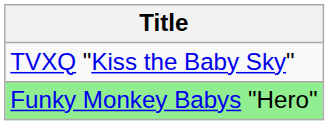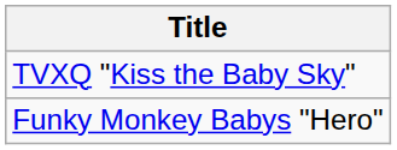 <table class="wikitable">
 <tr>
 <th>Title</th>
 </tr>
 <tr>
 <td><a href='#'>TVXQ</a> "<a href='#'>Kiss the Baby Sky</a>"</td>
 </tr>
 <tr>
-<td style="background: lightgreen;"><a href='#'>Funky Monkey Babys</a> "Hero"</td>
+<td><a href='#'>Funky Monkey Babys</a> "Hero"</td>
 </tr>
 </table>
